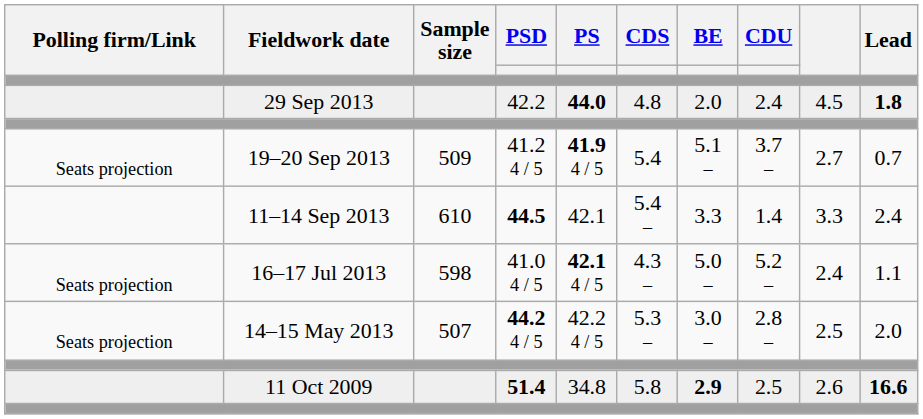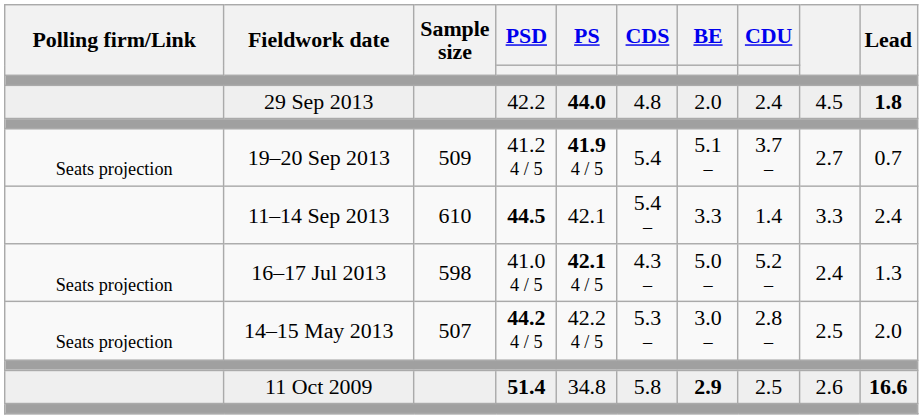 <table class="wikitable collapsible sortable" style="text-align:center; font-size:95%; line-height:16px;">
 <tr style="height:42px;">
 <th style="width:145px;" rowspan="2">Polling firm/Link</th>
 <th style="width:125px;" rowspan="2">Fieldwork date</th>
 <th class="unsortable" style="width:50px;" rowspan="2">Sample size</th>
 <th class="unsortable" style="width:35px;"><a href='#'>PSD</a></th>
 <th class="unsortable" style="width:35px;"><a href='#'>PS</a></th>
 <th class="unsortable" style="width:35px;"><a href='#'>CDS</a></th>
 <th class="unsortable" style="width:35px;"><a href='#'>BE</a></th>
 <th class="unsortable" style="width:35px;"><a href='#'>CDU</a></th>
 <th class="unsortable" style="width:35px;" rowspan="2"></th>
 <th class="unsortable" style="width:30px;" rowspan="2">Lead</th>
 </tr>
 <tr>
 <th class="unsortable" style="color:inherit;background:"></th>
 <th class="unsortable" style="color:inherit;background:"></th>
 <th class="unsortable" style="color:inherit;background:"></th>
 <th class="unsortable" style="color:inherit;background:"></th>
 <th class="unsortable" style="color:inherit;background:"></th>
 </tr>
 <tr>
 <td colspan="13" style="background:#A0A0A0"></td>
 </tr>
 <tr style="background:#EFEFEF;">
 <td><strong></strong></td>
 <td data-sort-value="2019-10-06">29 Sep 2013</td>
 <td></td>
 <td>42.2<br></td>
 <td><strong>44.0</strong><br></td>
 <td>4.8<br></td>
 <td>2.0<br></td>
 <td>2.4<br></td>
 <td>4.5</td>
 <td style="background:"><strong>1.8</strong></td>
 </tr>
 <tr>
 <td colspan="13" style="background:#A0A0A0"></td>
 </tr>
 <tr>
 <td align="center"><br><small>Seats projection</small></td>
 <td align="center">19–20 Sep 2013</td>
 <td>509</td>
 <td align="center">41.2<br><small>4 / 5 </small></td>
 <td align="center" ><strong>41.9</strong><br><small>4 / 5 </small></td>
 <td align="center">5.4</td>
 <td align="center">5.1<br><small>– </small></td>
 <td align="center">3.7<br><small>– </small></td>
 <td align="center">2.7</td>
 <td style="background:">0.7</td>
 </tr>
 <tr>
 <td align="center"></td>
 <td align="center">11–14 Sep 2013</td>
 <td>610</td>
 <td align="center" ><strong>44.5</strong></td>
 <td align="center">42.1</td>
 <td align="center">5.4<br><small> –  </small></td>
 <td align="center">3.3</td>
 <td align="center">1.4</td>
 <td align="center">3.3</td>
 <td style="background:">2.4</td>
 </tr>
 <tr>
 <td align="center"><br><small>Seats projection</small></td>
 <td align="center">16–17 Jul 2013</td>
 <td>598</td>
 <td align="center">41.0<br><small>4 / 5 </small></td>
 <td align="center" ><strong>42.1</strong><br><small>4 / 5 </small></td>
 <td align="center">4.3<br><small> –  </small></td>
 <td align="center">5.0<br><small>– </small></td>
 <td align="center">5.2<br><small>– </small></td>
 <td align="center">2.4</td>
-<td style="background:">1.1</td>
+<td style="background:">1.3</td>
 </tr>
 <tr>
 <td align="center"><br><small>Seats projection</small></td>
 <td align="center">14–15 May 2013</td>
 <td>507</td>
 <td align="center" ><strong>44.2</strong><br><small>4 / 5 </small></td>
 <td align="center">42.2<br><small>4 / 5 </small></td>
 <td align="center">5.3<br><small> – </small></td>
 <td align="center">3.0<br><small> – </small></td>
 <td align="center">2.8<br><small> – </small></td>
 <td align="center">2.5</td>
 <td style="background:">2.0</td>
 </tr>
 <tr>
 <td colspan="13" style="background:#A0A0A0"></td>
 </tr>
 <tr style="background:#EFEFEF;">
 <td><strong></strong></td>
 <td data-sort-value="2019-10-06">11 Oct 2009</td>
 <td></td>
 <td><strong>51.4</strong><br></td>
 <td>34.8<br></td>
 <td>5.8<br></td>
 <td><strong>2.9<br></strong></td>
 <td>2.5<br></td>
 <td>2.6</td>
 <td style="background:"><strong>16.6</strong></td>
 </tr>
 <tr>
 <td colspan="13" style="background:#A0A0A0"></td>
 </tr>
 <tr>
 </tr>
 </table>
